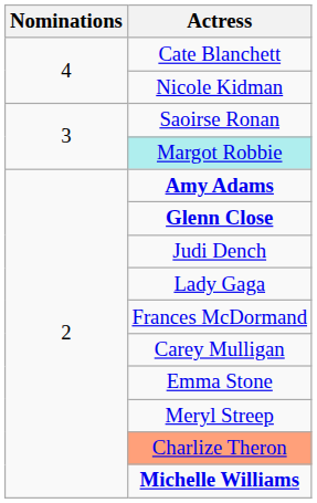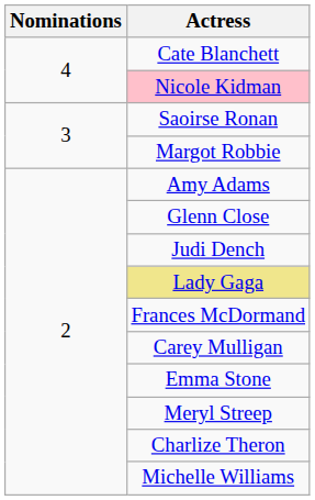 <table class="wikitable" style="text-align: center;">
 <tr>
 <th scope="col" width="55">Nominations</th>
 <th scope="col">Actress</th>
 </tr>
 <tr>
 <td rowspan="2">4</td>
 <td><a href='#'>Cate Blanchett</a></td>
 </tr>
 <tr>
-<td><a href='#'>Nicole Kidman</a></td>
+<td style="background: pink;"><a href='#'>Nicole Kidman</a></td>
 </tr>
 <tr>
 <td rowspan="2">3</td>
 <td><a href='#'>Saoirse Ronan</a></td>
 </tr>
 <tr>
-<td style="background: paleturquoise;"><a href='#'>Margot Robbie</a></td>
+<td><a href='#'>Margot Robbie</a></td>
 </tr>
 <tr>
 <td rowspan="10">2</td>
-<td><strong><a href='#'>Amy Adams</a></strong></td>
+<td><a href='#'>Amy Adams</a></td>
 </tr>
 <tr>
-<td><strong><a href='#'>Glenn Close</a></strong></td>
+<td><a href='#'>Glenn Close</a></td>
 </tr>
 <tr>
 <td><a href='#'>Judi Dench</a></td>
 </tr>
 <tr>
-<td><a href='#'>Lady Gaga</a></td>
+<td style="background: khaki;"><a href='#'>Lady Gaga</a></td>
 </tr>
 <tr>
 <td><a href='#'>Frances McDormand</a></td>
 </tr>
 <tr>
 <td><a href='#'>Carey Mulligan</a></td>
 </tr>
 <tr>
 <td><a href='#'>Emma Stone</a></td>
 </tr>
 <tr>
 <td><a href='#'>Meryl Streep</a></td>
 </tr>
 <tr>
-<td style="background: lightsalmon;"><a href='#'>Charlize Theron</a></td>
+<td><a href='#'>Charlize Theron</a></td>
 </tr>
 <tr>
-<td><strong><a href='#'>Michelle Williams</a></strong></td>
+<td><a href='#'>Michelle Williams</a></td>
 </tr>
 </table>
